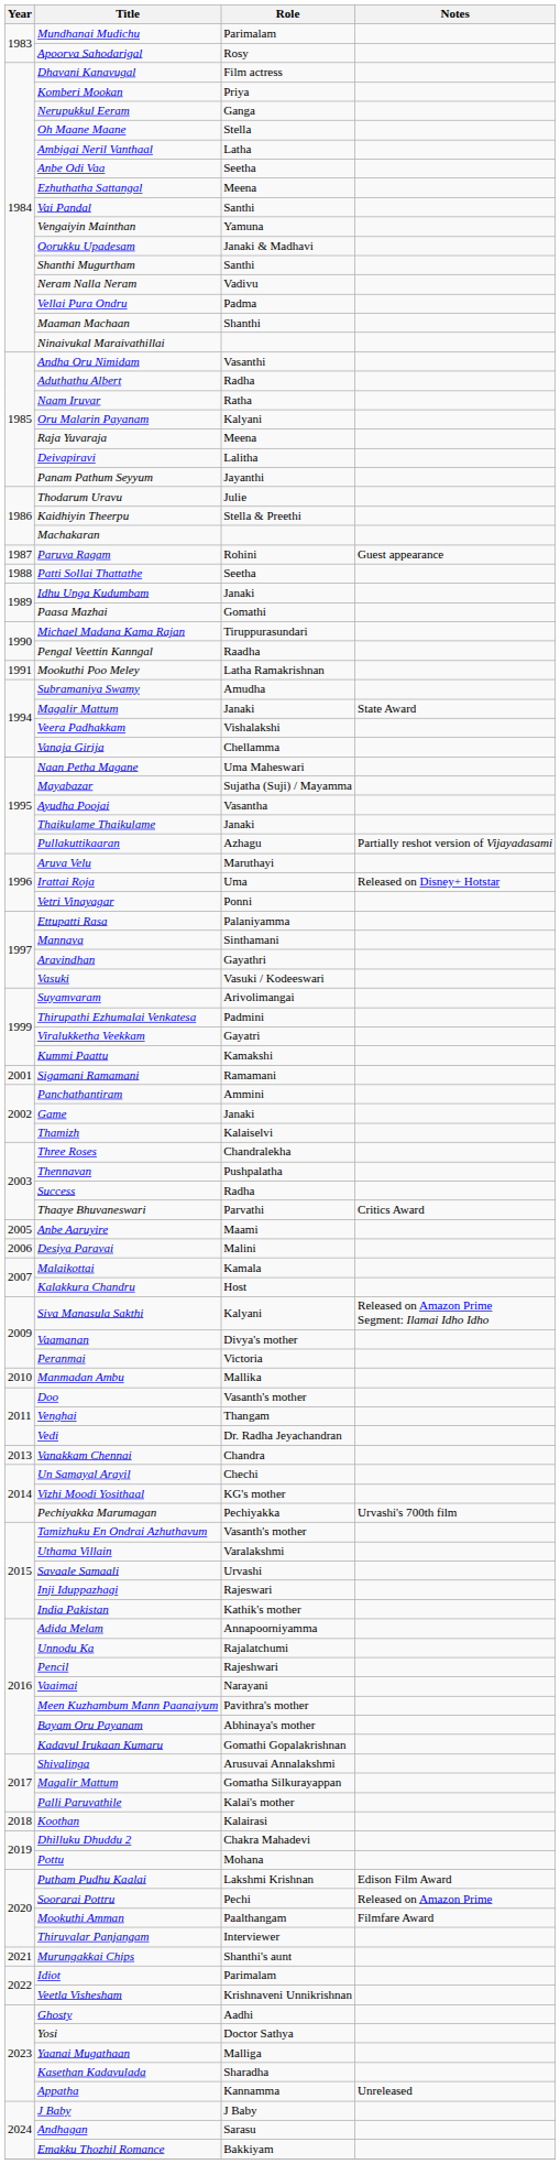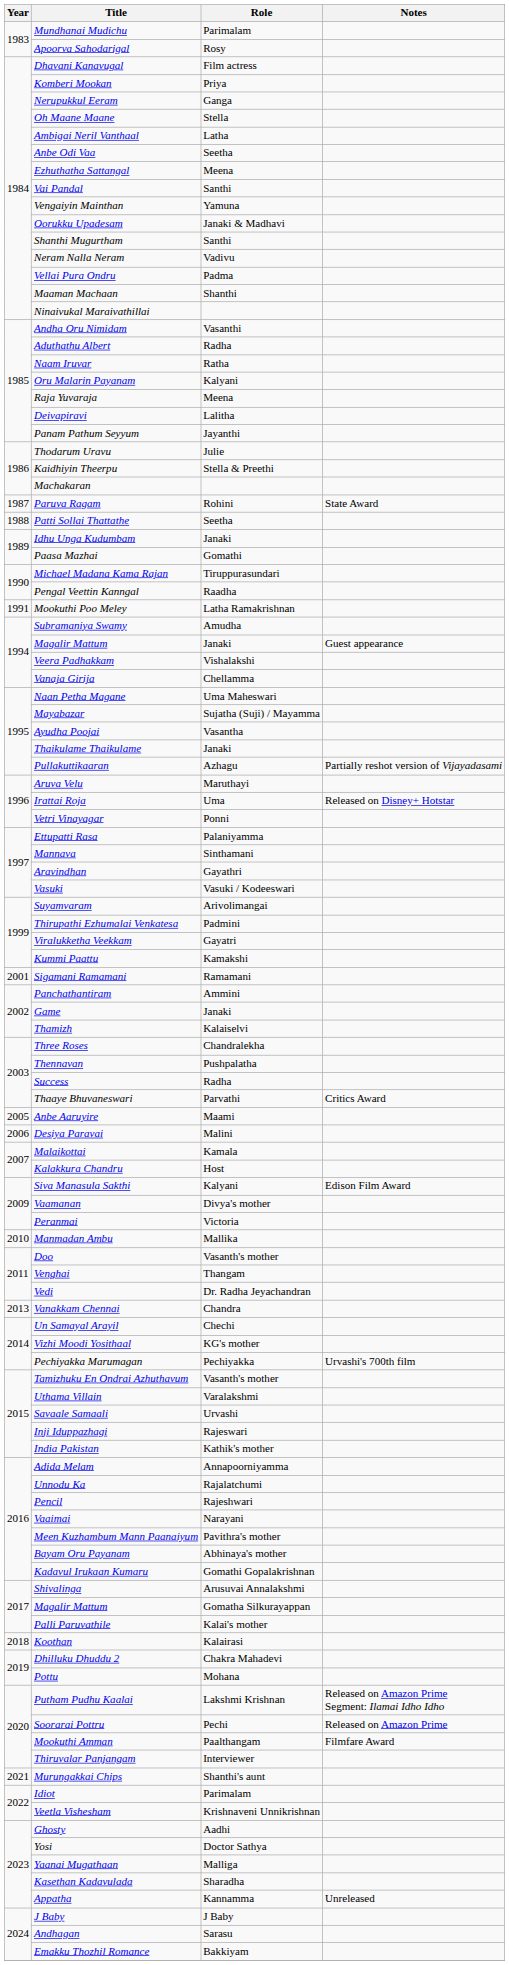 <table class="wikitable sortable">
 <tr>
 <th scope="col">Year</th>
 <th scope="col">Title</th>
 <th scope="col">Role</th>
 <th scope="col" class="unsortable">Notes</th>
 </tr>
 <tr>
 <td rowspan=2>1983</td>
 <td><em><a href='#'>Mundhanai Mudichu</a></em></td>
 <td>Parimalam</td>
 <td></td>
 </tr>
 <tr>
 <td><em><a href='#'>Apoorva Sahodarigal</a></em></td>
 <td>Rosy</td>
 <td></td>
 </tr>
 <tr>
 <td rowspan=15>1984</td>
 <td><em><a href='#'>Dhavani Kanavugal</a></em></td>
 <td>Film actress</td>
 <td></td>
 </tr>
 <tr>
 <td><em><a href='#'>Komberi Mookan</a></em></td>
 <td>Priya</td>
 <td></td>
 </tr>
 <tr>
 <td><em><a href='#'>Nerupukkul Eeram</a></em></td>
 <td>Ganga</td>
 <td></td>
 </tr>
 <tr>
 <td><em><a href='#'>Oh Maane Maane</a></em></td>
 <td>Stella</td>
 <td></td>
 </tr>
 <tr>
 <td><em><a href='#'>Ambigai Neril Vanthaal</a></em></td>
 <td>Latha</td>
 <td></td>
 </tr>
 <tr>
 <td><em><a href='#'>Anbe Odi Vaa</a></em></td>
 <td>Seetha</td>
 <td></td>
 </tr>
 <tr>
 <td><em><a href='#'>Ezhuthatha Sattangal</a></em></td>
 <td>Meena</td>
 <td></td>
 </tr>
 <tr>
 <td><em><a href='#'>Vai Pandal</a></em></td>
 <td>Santhi</td>
 <td></td>
 </tr>
 <tr>
 <td><em>Vengaiyin Mainthan</em></td>
 <td>Yamuna</td>
 <td></td>
 </tr>
 <tr>
 <td><em><a href='#'>Oorukku Upadesam</a></em></td>
 <td>Janaki & Madhavi</td>
 <td></td>
 </tr>
 <tr>
 <td><em>Shanthi Mugurtham</em></td>
 <td>Santhi</td>
 <td></td>
 </tr>
 <tr>
 <td><em>Neram Nalla Neram</em></td>
 <td>Vadivu</td>
 <td></td>
 </tr>
 <tr>
 <td><em><a href='#'>Vellai Pura Ondru</a></em></td>
 <td>Padma</td>
 <td></td>
 </tr>
 <tr>
 <td><em>Maaman Machaan</em></td>
 <td>Shanthi</td>
 <td></td>
 </tr>
 <tr>
 <td><em>Ninaivukal Maraivathillai</em></td>
 <td></td>
 <td></td>
 </tr>
 <tr>
 <td rowspan=7>1985</td>
 <td><em><a href='#'>Andha Oru Nimidam</a></em></td>
 <td>Vasanthi</td>
 <td></td>
 </tr>
 <tr>
 <td><em><a href='#'>Aduthathu Albert</a></em></td>
 <td>Radha</td>
 <td></td>
 </tr>
 <tr>
 <td><em><a href='#'>Naam Iruvar</a></em></td>
 <td>Ratha</td>
 <td></td>
 </tr>
 <tr>
 <td><em><a href='#'>Oru Malarin Payanam</a></em></td>
 <td>Kalyani</td>
 <td></td>
 </tr>
 <tr>
 <td><em>Raja Yuvaraja</em></td>
 <td>Meena</td>
 <td></td>
 </tr>
 <tr>
 <td><em><a href='#'>Deivapiravi</a></em></td>
 <td>Lalitha</td>
 <td></td>
 </tr>
 <tr>
 <td><em>Panam Pathum Seyyum</em></td>
 <td>Jayanthi</td>
 <td></td>
 </tr>
 <tr>
 <td rowspan=3>1986</td>
 <td><em>Thodarum Uravu</em></td>
 <td>Julie</td>
 <td></td>
 </tr>
 <tr>
 <td><em>Kaidhiyin Theerpu</em></td>
 <td>Stella & Preethi</td>
 <td></td>
 </tr>
 <tr>
 <td><em>Machakaran</em></td>
 <td></td>
 <td></td>
 </tr>
 <tr>
 <td>1987</td>
 <td><em><a href='#'>Paruva Ragam</a></em></td>
 <td>Rohini</td>
-<td>Guest appearance</td>
+<td>State Award</td>
 </tr>
 <tr>
 <td>1988</td>
 <td><em><a href='#'>Patti Sollai Thattathe</a></em></td>
 <td>Seetha</td>
 <td></td>
 </tr>
 <tr>
 <td rowspan=2>1989</td>
 <td><em><a href='#'>Idhu Unga Kudumbam</a></em></td>
 <td>Janaki</td>
 <td></td>
 </tr>
 <tr>
 <td><em>Paasa Mazhai</em></td>
 <td>Gomathi</td>
 <td></td>
 </tr>
 <tr>
 <td rowspan=2>1990</td>
 <td><em><a href='#'>Michael Madana Kama Rajan</a></em></td>
 <td>Tiruppurasundari</td>
 <td></td>
 </tr>
 <tr>
 <td><em>Pengal Veettin Kanngal</em></td>
 <td>Raadha</td>
 <td></td>
 </tr>
 <tr>
 <td rowspan=1>1991</td>
 <td><em>Mookuthi Poo Meley</em></td>
 <td>Latha Ramakrishnan</td>
 <td></td>
 </tr>
 <tr>
 <td rowspan=4>1994</td>
 <td><em><a href='#'>Subramaniya Swamy</a></em></td>
 <td>Amudha</td>
 <td></td>
 </tr>
 <tr>
 <td><em><a href='#'>Magalir Mattum</a></em></td>
 <td>Janaki</td>
-<td>State Award</td>
+<td>Guest appearance</td>
 </tr>
 <tr>
 <td><em><a href='#'>Veera Padhakkam</a></em></td>
 <td>Vishalakshi</td>
 <td></td>
 </tr>
 <tr>
 <td><em><a href='#'>Vanaja Girija</a></em></td>
 <td>Chellamma</td>
 <td></td>
 </tr>
 <tr>
 <td rowspan=5>1995</td>
 <td><em><a href='#'>Naan Petha Magane</a></em></td>
 <td>Uma Maheswari</td>
 <td></td>
 </tr>
 <tr>
 <td><em><a href='#'>Mayabazar</a></em></td>
 <td>Sujatha (Suji) / Mayamma</td>
 <td></td>
 </tr>
 <tr>
 <td><em><a href='#'>Ayudha Poojai</a></em></td>
 <td>Vasantha</td>
 <td></td>
 </tr>
 <tr>
 <td><em><a href='#'>Thaikulame Thaikulame</a></em></td>
 <td>Janaki</td>
 <td></td>
 </tr>
 <tr>
 <td><em><a href='#'>Pullakuttikaaran</a></em></td>
 <td>Azhagu</td>
 <td>Partially reshot version of <em>Vijayadasami</em></td>
 </tr>
 <tr>
 <td rowspan=3>1996</td>
 <td><em><a href='#'>Aruva Velu</a></em></td>
 <td>Maruthayi</td>
 <td></td>
 </tr>
 <tr>
 <td><em><a href='#'>Irattai Roja</a></em></td>
 <td>Uma</td>
 <td>Released on <a href='#'>Disney+ Hotstar</a></td>
 </tr>
 <tr>
 <td><em><a href='#'>Vetri Vinayagar</a></em></td>
 <td>Ponni</td>
 <td></td>
 </tr>
 <tr>
 <td rowspan=4>1997</td>
 <td><em><a href='#'>Ettupatti Rasa</a></em></td>
 <td>Palaniyamma</td>
 <td></td>
 </tr>
 <tr>
 <td><em><a href='#'>Mannava</a></em></td>
 <td>Sinthamani</td>
 <td></td>
 </tr>
 <tr>
 <td><em><a href='#'>Aravindhan</a></em></td>
 <td>Gayathri</td>
 <td></td>
 </tr>
 <tr>
 <td><em><a href='#'>Vasuki</a></em></td>
 <td>Vasuki / Kodeeswari</td>
 <td></td>
 </tr>
 <tr>
 <td rowspan=4>1999</td>
 <td><em><a href='#'>Suyamvaram</a></em></td>
 <td>Arivolimangai</td>
 <td></td>
 </tr>
 <tr>
 <td><em><a href='#'>Thirupathi Ezhumalai Venkatesa</a></em></td>
 <td>Padmini</td>
 <td></td>
 </tr>
 <tr>
 <td><em><a href='#'>Viralukketha Veekkam</a></em></td>
 <td>Gayatri</td>
 <td></td>
 </tr>
 <tr>
 <td><em><a href='#'>Kummi Paattu</a></em></td>
 <td>Kamakshi</td>
 <td></td>
 </tr>
 <tr>
 <td>2001</td>
 <td><em><a href='#'>Sigamani Ramamani</a></em></td>
 <td>Ramamani</td>
 <td></td>
 </tr>
 <tr>
 <td rowspan=3>2002</td>
 <td><em><a href='#'>Panchathantiram</a></em></td>
 <td>Ammini</td>
 <td></td>
 </tr>
 <tr>
 <td><em><a href='#'>Game</a></em></td>
 <td>Janaki</td>
 <td></td>
 </tr>
 <tr>
 <td><em><a href='#'>Thamizh</a></em></td>
 <td>Kalaiselvi</td>
 <td></td>
 </tr>
 <tr>
 <td rowspan=4>2003</td>
 <td><em><a href='#'>Three Roses</a></em></td>
 <td>Chandralekha</td>
 <td></td>
 </tr>
 <tr>
 <td><em><a href='#'>Thennavan</a></em></td>
 <td>Pushpalatha</td>
 <td></td>
 </tr>
 <tr>
 <td><em><a href='#'>Success</a></em></td>
 <td>Radha</td>
 <td></td>
 </tr>
 <tr>
 <td><em>Thaaye Bhuvaneswari</em></td>
 <td>Parvathi</td>
 <td>Critics Award</td>
 </tr>
 <tr>
 <td>2005</td>
 <td><em><a href='#'>Anbe Aaruyire</a></em></td>
 <td>Maami</td>
 <td></td>
 </tr>
 <tr>
 <td>2006</td>
 <td><em><a href='#'>Desiya Paravai</a></em></td>
 <td>Malini</td>
 <td></td>
 </tr>
 <tr>
 <td rowspan=2>2007</td>
 <td><em><a href='#'>Malaikottai</a></em></td>
 <td>Kamala</td>
 <td></td>
 </tr>
 <tr>
 <td><em><a href='#'>Kalakkura Chandru</a></em></td>
 <td>Host</td>
 <td></td>
 </tr>
 <tr>
 <td rowspan=3>2009</td>
 <td><em><a href='#'>Siva Manasula Sakthi</a></em></td>
 <td>Kalyani</td>
-<td>Released on <a href='#'>Amazon Prime</a> <br> Segment: <em>Ilamai Idho Idho</em></td>
+<td>Edison Film Award</td>
 </tr>
 <tr>
 <td><em><a href='#'>Vaamanan</a></em></td>
 <td>Divya's mother</td>
 <td></td>
 </tr>
 <tr>
 <td><em><a href='#'>Peranmai</a></em></td>
 <td>Victoria</td>
 <td></td>
 </tr>
 <tr>
 <td>2010</td>
 <td><em><a href='#'>Manmadan Ambu</a></em></td>
 <td>Mallika</td>
 <td></td>
 </tr>
 <tr>
 <td rowspan=3>2011</td>
 <td><em><a href='#'>Doo</a></em></td>
 <td>Vasanth's mother</td>
 <td></td>
 </tr>
 <tr>
 <td><em><a href='#'>Venghai</a></em></td>
 <td>Thangam</td>
 <td></td>
 </tr>
 <tr>
 <td><em><a href='#'>Vedi</a></em></td>
 <td>Dr. Radha Jeyachandran</td>
 <td></td>
 </tr>
 <tr>
 <td>2013</td>
 <td><em><a href='#'>Vanakkam Chennai</a></em></td>
 <td>Chandra</td>
 <td></td>
 </tr>
 <tr>
 <td rowspan=3>2014</td>
 <td><em><a href='#'>Un Samayal Arayil</a></em></td>
 <td>Chechi</td>
 <td></td>
 </tr>
 <tr>
 <td><em><a href='#'>Vizhi Moodi Yosithaal</a></em></td>
 <td>KG's mother</td>
 <td></td>
 </tr>
 <tr>
 <td><em>Pechiyakka Marumagan</em></td>
 <td>Pechiyakka</td>
 <td>Urvashi's 700th film</td>
 </tr>
 <tr>
 <td rowspan="5">2015</td>
 <td><em><a href='#'>Tamizhuku En Ondrai Azhuthavum</a></em></td>
 <td>Vasanth's mother</td>
 <td></td>
 </tr>
 <tr>
 <td><em><a href='#'>Uthama Villain</a></em></td>
 <td>Varalakshmi</td>
 <td></td>
 </tr>
 <tr>
 <td><em><a href='#'>Savaale Samaali</a></em></td>
 <td>Urvashi</td>
 <td></td>
 </tr>
 <tr>
 <td><em><a href='#'>Inji Iduppazhagi</a></em></td>
 <td>Rajeswari</td>
 <td></td>
 </tr>
 <tr>
 <td><em><a href='#'>India Pakistan</a></em></td>
 <td>Kathik's mother</td>
 <td></td>
 </tr>
 <tr>
 <td rowspan="7">2016</td>
 <td><em><a href='#'>Adida Melam</a></em></td>
 <td>Annapoorniyamma</td>
 <td></td>
 </tr>
 <tr>
 <td><em><a href='#'>Unnodu Ka</a></em></td>
 <td>Rajalatchumi</td>
 <td></td>
 </tr>
 <tr>
 <td><em><a href='#'>Pencil</a></em></td>
 <td>Rajeshwari</td>
 <td></td>
 </tr>
 <tr>
 <td><em><a href='#'>Vaaimai</a></em></td>
 <td>Narayani</td>
 <td></td>
 </tr>
 <tr>
 <td><em><a href='#'>Meen Kuzhambum Mann Paanaiyum</a></em></td>
 <td>Pavithra's mother</td>
 <td></td>
 </tr>
 <tr>
 <td><em><a href='#'>Bayam Oru Payanam</a></em></td>
 <td>Abhinaya's mother</td>
 <td></td>
 </tr>
 <tr>
 <td><em><a href='#'>Kadavul Irukaan Kumaru</a></em></td>
 <td>Gomathi Gopalakrishnan</td>
 <td></td>
 </tr>
 <tr>
 <td rowspan=3>2017</td>
 <td><em><a href='#'>Shivalinga</a></em></td>
 <td>Arusuvai Annalakshmi</td>
 <td></td>
 </tr>
 <tr>
 <td><em><a href='#'>Magalir Mattum</a></em></td>
 <td>Gomatha Silkurayappan</td>
 <td></td>
 </tr>
 <tr>
 <td><em><a href='#'>Palli Paruvathile</a></em></td>
 <td>Kalai's mother</td>
 <td></td>
 </tr>
 <tr>
 <td>2018</td>
 <td><em><a href='#'>Koothan</a></em></td>
 <td>Kalairasi</td>
 <td></td>
 </tr>
 <tr>
 <td rowspan=2>2019</td>
 <td><em><a href='#'>Dhilluku Dhuddu 2</a></em></td>
 <td>Chakra Mahadevi</td>
 <td></td>
 </tr>
 <tr>
 <td><em><a href='#'>Pottu</a></em></td>
 <td>Mohana</td>
 <td></td>
 </tr>
 <tr>
 <td rowspan=4>2020</td>
 <td><em><a href='#'>Putham Pudhu Kaalai</a></em></td>
 <td>Lakshmi Krishnan</td>
-<td>Edison Film Award</td>
+<td>Released on <a href='#'>Amazon Prime</a> <br> Segment: <em>Ilamai Idho Idho</em></td>
 </tr>
 <tr>
 <td><em><a href='#'>Soorarai Pottru</a></em></td>
 <td>Pechi</td>
 <td>Released on <a href='#'>Amazon Prime</a></td>
 </tr>
 <tr>
 <td><em><a href='#'>Mookuthi Amman</a></em></td>
 <td>Paalthangam</td>
 <td>Filmfare Award</td>
 </tr>
 <tr>
 <td><em><a href='#'>Thiruvalar Panjangam</a></em></td>
 <td>Interviewer</td>
 <td></td>
 </tr>
 <tr>
 <td>2021</td>
 <td><em><a href='#'>Murungakkai Chips</a></em></td>
 <td>Shanthi's aunt</td>
 <td></td>
 </tr>
 <tr>
 <td rowspan=2>2022</td>
 <td><em><a href='#'>Idiot</a></em></td>
 <td>Parimalam</td>
 <td></td>
 </tr>
 <tr>
 <td><em><a href='#'>Veetla Vishesham</a></em></td>
 <td>Krishnaveni Unnikrishnan</td>
 <td></td>
 </tr>
 <tr>
 <td rowspan=5>2023</td>
 <td><em><a href='#'>Ghosty</a></em></td>
 <td>Aadhi</td>
 <td></td>
 </tr>
 <tr>
 <td><em>Yosi</em></td>
 <td>Doctor Sathya</td>
 <td></td>
 </tr>
 <tr>
 <td><em><a href='#'>Yaanai Mugathaan</a></em></td>
 <td>Malliga</td>
 <td></td>
 </tr>
 <tr>
 <td><em><a href='#'>Kasethan Kadavulada</a></em></td>
 <td>Sharadha</td>
 <td></td>
 </tr>
 <tr>
 <td><em><a href='#'>Appatha</a></em></td>
 <td>Kannamma</td>
 <td>Unreleased</td>
 </tr>
 <tr>
 <td rowspan=3>2024</td>
 <td><em><a href='#'>J Baby</a></em></td>
 <td>J Baby</td>
 <td></td>
 </tr>
 <tr>
 <td><em><a href='#'>Andhagan</a></em></td>
 <td>Sarasu</td>
 <td></td>
 </tr>
 <tr>
 <td><em><a href='#'>Emakku Thozhil Romance</a></em></td>
 <td>Bakkiyam</td>
 <td></td>
 </tr>
 <tr>
 </tr>
 </table>
